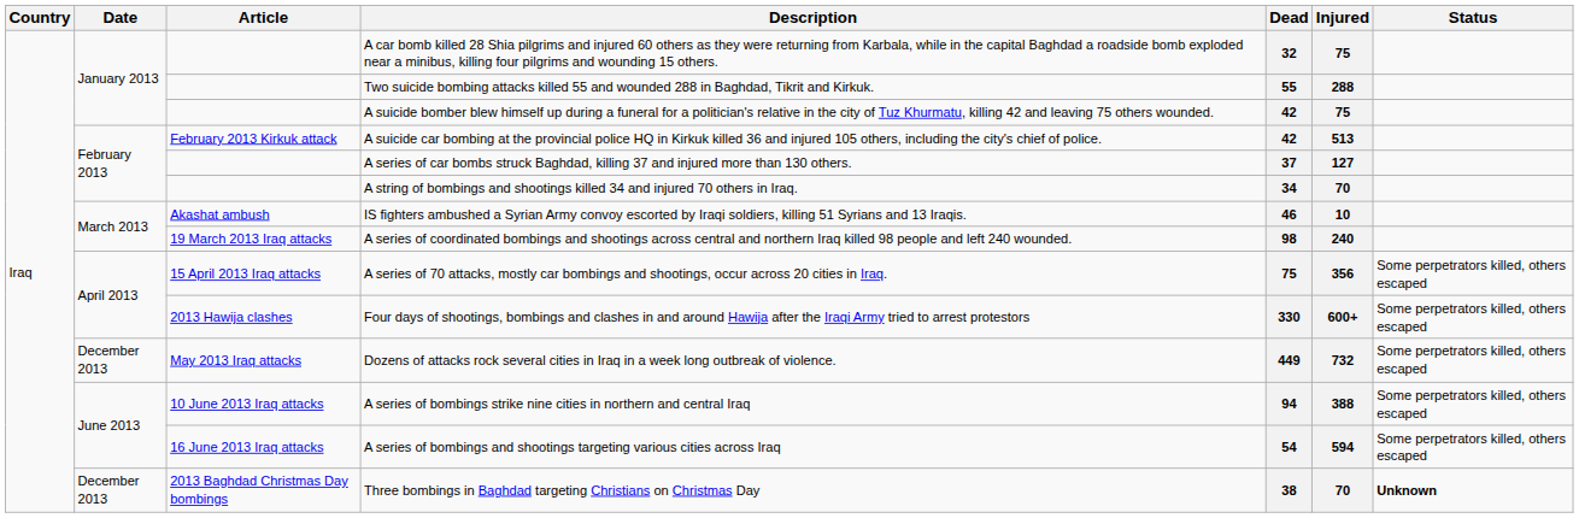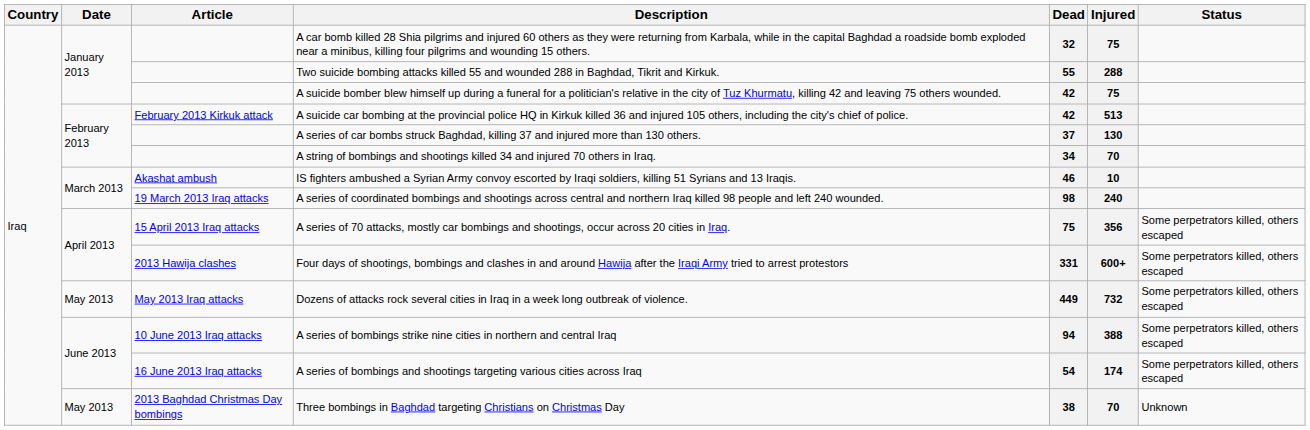 <table class="wikitable sortable">
 <tr>
 <th>Country</th>
 <th>Date</th>
 <th>Article</th>
 <th>Description</th>
 <th>Dead</th>
 <th>Injured</th>
 <th>Status</th>
 </tr>
 <tr>
 <td rowspan="14"><small>Iraq</small></td>
 <td rowspan="3"><small>January 2013</small></td>
 <td></td>
 <td><small>A car bomb killed 28 Shia pilgrims and injured 60 others as they were returning from Karbala, while in the capital Baghdad a roadside bomb exploded near a minibus, killing four pilgrims and wounding 15 others.</small></td>
 <th><small>32</small></th>
 <th><small>75</small></th>
 <td></td>
 </tr>
 <tr>
 <td></td>
 <td><small>Two suicide bombing attacks killed 55 and wounded 288 in Baghdad, Tikrit and Kirkuk.</small></td>
 <th><small>55</small></th>
 <th><small>288</small></th>
 <td></td>
 </tr>
 <tr>
 <td></td>
 <td><small>A suicide bomber blew himself up during a funeral for a politician's relative in the city of <a href='#'>Tuz Khurmatu</a>, killing 42 and leaving 75 others wounded.</small></td>
 <th><small>42</small></th>
 <th><small>75</small></th>
 <td></td>
 </tr>
 <tr>
 <td rowspan="3"><small>February 2013</small></td>
 <td><a href='#'><small>February 2013 Kirkuk attack</small></a></td>
 <td><small>A suicide car bombing at the provincial police HQ in Kirkuk killed 36 and injured 105 others, including the city's chief of police.</small></td>
 <th><small>42</small></th>
 <th><small>513</small></th>
 <td></td>
 </tr>
 <tr>
 <td></td>
 <td><small>A series of car bombs struck Baghdad, killing 37 and injured more than 130 others.</small></td>
 <th><small>37</small></th>
-<th><small>127</small></th>
+<th><small>130</small></th>
 <td></td>
 </tr>
 <tr>
 <td></td>
 <td><small>A string of bombings and shootings killed 34 and injured 70 others in Iraq.</small></td>
 <th><small>34</small></th>
 <th><small>70</small></th>
 <td></td>
 </tr>
 <tr>
 <td rowspan="2"><small>March 2013</small></td>
 <td><a href='#'><small>Akashat ambush</small></a></td>
 <td><small>IS fighters ambushed a Syrian Army convoy escorted by Iraqi soldiers, killing 51 Syrians and 13 Iraqis.</small></td>
 <th><small>46</small></th>
 <th><small>10</small></th>
 <td></td>
 </tr>
 <tr>
 <td><a href='#'><small>19 March 2013 Iraq attacks</small></a></td>
 <td><small>A series of coordinated bombings and shootings across central and northern Iraq killed 98 people and left 240 wounded.</small></td>
 <th><small>98</small></th>
 <th><small>240</small></th>
 <td></td>
 </tr>
 <tr>
 <td rowspan="2"><small>April 2013</small></td>
 <td><a href='#'><small>15 April 2013 Iraq attacks</small></a></td>
 <td><small>A series of 70 attacks, mostly car bombings and shootings, occur across 20 cities in <a href='#'>Iraq</a>.</small></td>
 <th><small>75</small></th>
 <th><small>356</small></th>
 <td><small>Some perpetrators killed, others escaped</small></td>
 </tr>
 <tr>
 <td><a href='#'><small>2013 Hawija clashes</small></a></td>
 <td><small>Four days of shootings, bombings and clashes in and around <a href='#'>Hawija</a> after the <a href='#'>Iraqi Army</a> tried to arrest protestors</small></td>
-<th><small>330</small></th>
+<th><small>331</small></th>
 <th><small>600+</small></th>
 <td><small>Some perpetrators killed, others escaped</small></td>
 </tr>
 <tr>
-<td><small>December 2013</small></td>
+<td><small>May 2013</small></td>
 <td><a href='#'><small>May 2013 Iraq attacks</small></a></td>
 <td><small>Dozens of attacks rock several cities in Iraq in a week long outbreak of violence.</small></td>
 <th><small>449</small></th>
 <th><small>732</small></th>
 <td><small>Some perpetrators killed, others escaped</small></td>
 </tr>
 <tr>
 <td rowspan="2"><small>June 2013</small></td>
 <td><a href='#'><small>10 June 2013 Iraq attacks</small></a></td>
 <td><small>A series of bombings strike nine cities in northern and central Iraq</small></td>
 <th><small>94</small></th>
 <th><small>388</small></th>
 <td><small>Some perpetrators killed, others escaped</small></td>
 </tr>
 <tr>
 <td><a href='#'><small>16 June 2013 Iraq attacks</small></a></td>
 <td><small>A series of bombings and shootings targeting various cities across Iraq</small></td>
 <th><small>54</small></th>
-<th><small>594</small></th>
+<th><small>174</small></th>
 <td><small>Some perpetrators killed, others escaped</small></td>
 </tr>
 <tr>
-<td><small>December 2013</small></td>
+<td><small>May 2013</small></td>
 <td><a href='#'><small>2013 Baghdad Christmas Day bombings</small></a></td>
 <td><small>Three bombings in <a href='#'>Baghdad</a> targeting <a href='#'>Christians</a> on <a href='#'>Christmas</a> Day</small></td>
 <th><small>38</small></th>
 <th><small>70</small></th>
-<td><strong><small>Unknown</small></strong></td>
+<td><small>Unknown</small></td>
 </tr>
 </table>
